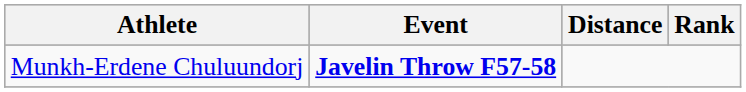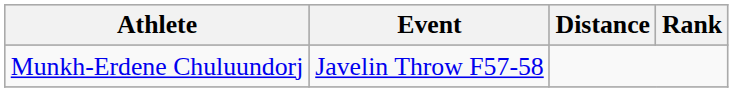 <table class="wikitable">
 <tr>
 <th>Athlete</th>
 <th>Event</th>
 <th>Distance</th>
 <th>Rank</th>
 </tr>
 <tr align=center>
 <td align=left><a href='#'>Munkh-Erdene Chuluundorj</a></td>
-<td align=left><strong><a href='#'>Javelin Throw F57-58</a></strong></td>
+<td align=left><a href='#'>Javelin Throw F57-58</a></td>
 <td colspan=2></td>
 </tr>
 </table>
